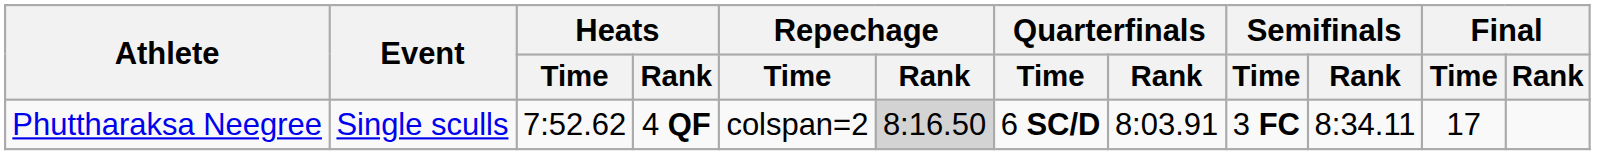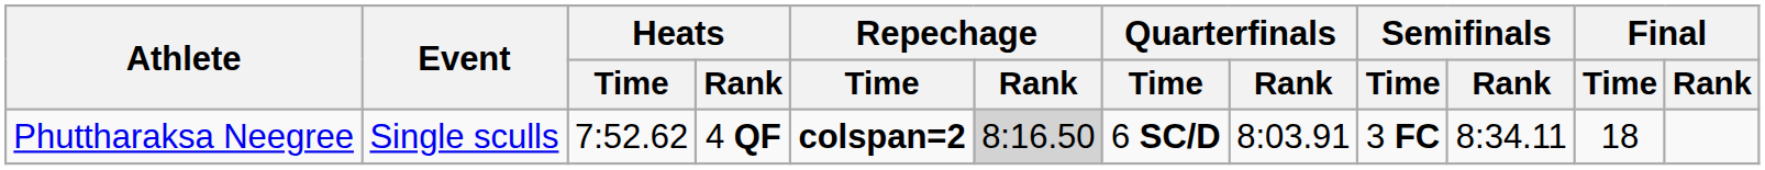 <table class="wikitable" style="font-size:90%">
 <tr>
 <th rowspan="2">Athlete</th>
 <th rowspan="2">Event</th>
 <th colspan="2">Heats</th>
 <th colspan="2">Repechage</th>
 <th colspan=2>Quarterfinals</th>
 <th colspan="2">Semifinals</th>
 <th colspan="2">Final</th>
 </tr>
 <tr style="font-size:95%">
 <th>Time</th>
 <th>Rank</th>
 <th>Time</th>
 <th>Rank</th>
 <th>Time</th>
 <th>Rank</th>
 <th>Time</th>
 <th>Rank</th>
 <th>Time</th>
 <th>Rank</th>
 </tr>
 <tr align=center>
 <td align=left><a href='#'>Phuttharaksa Neegree</a></td>
 <td align=left><a href='#'>Single sculls</a></td>
 <td>7:52.62</td>
 <td>4 <strong>QF</strong></td>
-<td>colspan=2 </td>
+<td><strong>colspan=2 </strong></td>
 <td style="background: lightgrey;">8:16.50</td>
 <td>6 <strong>SC/D</strong></td>
 <td>8:03.91</td>
 <td>3 <strong>FC</strong></td>
 <td>8:34.11</td>
-<td>17</td>
+<td>18</td>
 </tr>
 </table>
